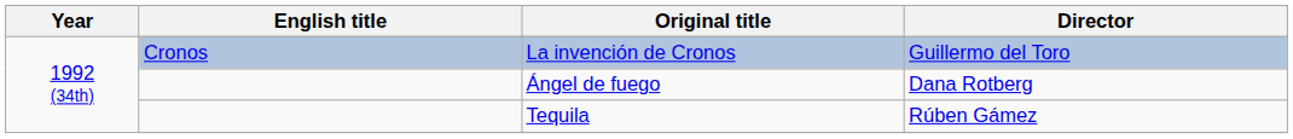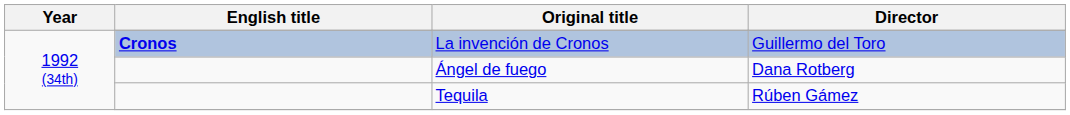 <table class="wikitable">
 <tr>
 <th width="100"><strong>Year</strong></th>
 <th width="300"><strong>English title</strong></th>
 <th width="300"><strong>Original title</strong></th>
 <th width="300"><strong>Director</strong></th>
 </tr>
 <tr>
 <td rowspan="6" style="text-align:center;"><a href='#'>1992</a><br><small><a href='#'>(34th)</a></small></td>
 </tr>
 <tr style="background:#B0C4DE;">
-<td><a href='#'>Cronos</a></td>
+<td><strong><a href='#'>Cronos</a></strong></td>
 <td><a href='#'>La invención de Cronos</a></td>
 <td><a href='#'>Guillermo del Toro</a></td>
 </tr>
 <tr>
 <td></td>
 <td><a href='#'>Ángel de fuego</a></td>
 <td><a href='#'>Dana Rotberg</a></td>
 </tr>
 <tr>
 <td></td>
 <td><a href='#'>Tequila</a></td>
 <td><a href='#'>Rúben Gámez</a></td>
 </tr>
 <tr>
 </tr>
 </table>
